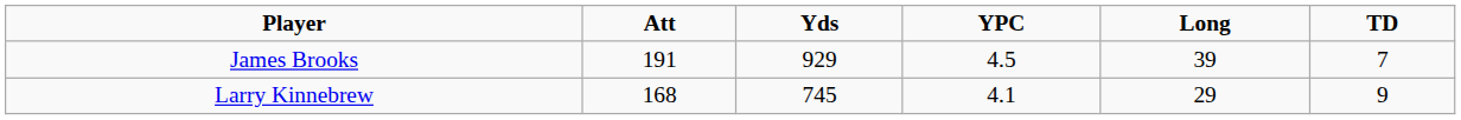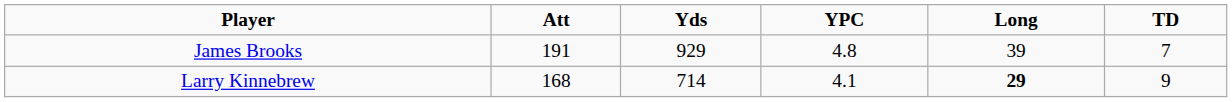 <table class="wikitable" width="80%">
 <tr align="center">
 <td><strong>Player</strong></td>
 <td><strong>Att</strong></td>
 <td><strong>Yds</strong></td>
 <td><strong>YPC</strong></td>
 <td><strong>Long</strong></td>
 <td><strong>TD</strong></td>
 </tr>
 <tr align="center" bgcolor="">
 <td><a href='#'>James Brooks</a></td>
 <td>191</td>
 <td>929</td>
-<td>4.5</td>
+<td>4.8</td>
 <td>39</td>
 <td>7</td>
 </tr>
 <tr align="center" bgcolor="">
 <td><a href='#'>Larry Kinnebrew</a></td>
 <td>168</td>
-<td>745</td>
+<td>714</td>
 <td>4.1</td>
-<td>29</td>
+<td><strong>29</strong></td>
 <td>9</td>
 </tr>
 </table>
